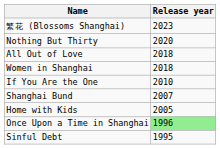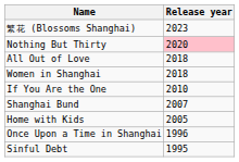 <table class="wikitable">
 <tr>
 <th>Name</th>
 <th>Release year</th>
 </tr>
 <tr>
 <td>繁花 (Blossoms Shanghai)</td>
 <td>2023</td>
 </tr>
 <tr>
 <td>Nothing But Thirty</td>
-<td>2020</td>
+<td style="background: pink;">2020</td>
 </tr>
 <tr>
 <td>All Out of Love</td>
 <td>2018</td>
 </tr>
 <tr>
 <td>Women in Shanghai</td>
 <td>2018</td>
 </tr>
 <tr>
 <td>If You Are the One</td>
 <td>2010</td>
 </tr>
 <tr>
 <td>Shanghai Bund</td>
 <td>2007</td>
 </tr>
 <tr>
 <td>Home with Kids</td>
 <td>2005</td>
 </tr>
 <tr>
 <td>Once Upon a Time in Shanghai</td>
-<td style="background: lightgreen;">1996</td>
+<td>1996</td>
 </tr>
 <tr>
 <td>Sinful Debt</td>
 <td>1995</td>
 </tr>
 </table>
